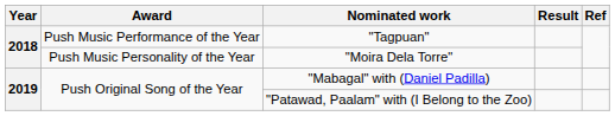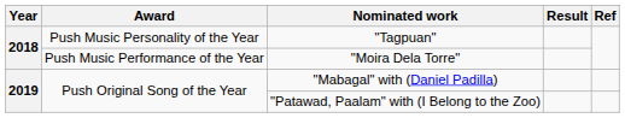 <table class="wikitable sortable" style=text-align:center>
 <tr>
 <th>Year</th>
 <th>Award</th>
 <th>Nominated work</th>
 <th>Result</th>
 <th>Ref</th>
 </tr>
 <tr>
 <th rowspan="2">2018</th>
-<td>Push Music Performance of the Year</td>
+<td>Push Music Personality of the Year</td>
 <td align=center>"Tagpuan"</td>
 <td></td>
 <td rowspan="2"></td>
 </tr>
 <tr>
-<td>Push Music Personality of the Year</td>
+<td>Push Music Performance of the Year</td>
 <td align=center>"Moira Dela Torre"</td>
 <td></td>
 </tr>
 <tr>
 <th rowspan="2">2019</th>
 <td rowspan="2">Push Original Song of the Year</td>
 <td align=center>"Mabagal" with (<a href='#'>Daniel Padilla</a>)</td>
 <td></td>
 <td></td>
 </tr>
 <tr>
 <td align=center>"Patawad, Paalam" with (I Belong to the Zoo)</td>
 <td></td>
 <td></td>
 </tr>
 </table>
